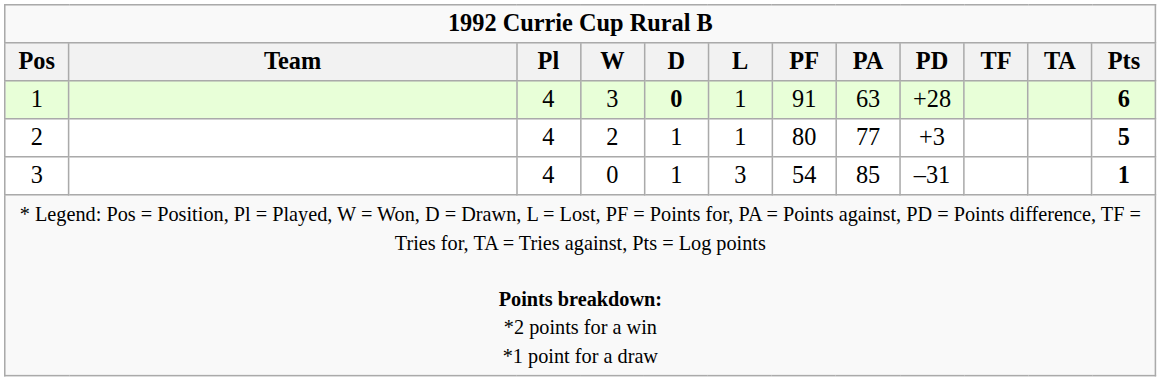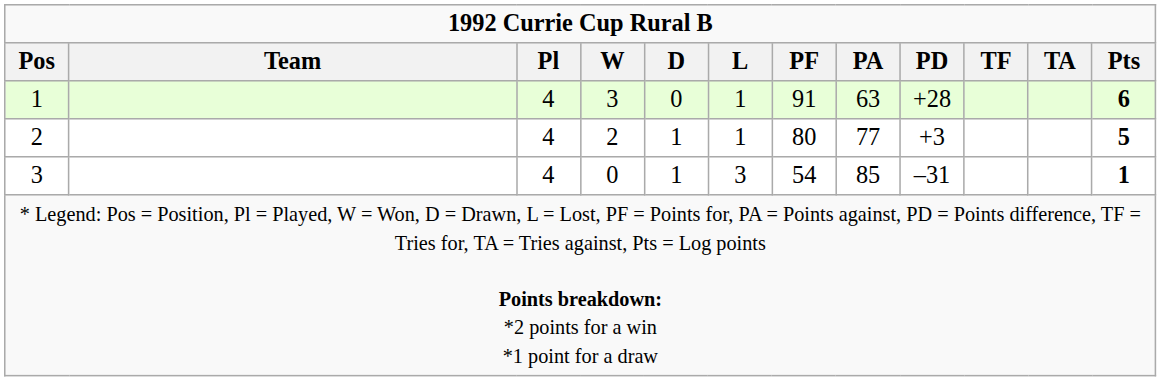 <table class="wikitable" style="text-align:center; line-height:110%; font-size:100%; width:60%;">
 <tr>
 <td colspan="12" cellpadding="0" cellspacing="0"><strong>1992 Currie Cup Rural B</strong></td>
 </tr>
 <tr>
 <th style="width:5%;">Pos</th>
 <th style="width:35%;">Team</th>
 <th style="width:5%;">Pl</th>
 <th style="width:5%;">W</th>
 <th style="width:5%;">D</th>
 <th style="width:5%;">L</th>
 <th style="width:5%;">PF</th>
 <th style="width:5%;">PA</th>
 <th style="width:5%;">PD</th>
 <th style="width:5%;">TF</th>
 <th style="width:5%;">TA</th>
 <th style="width:5%;">Pts<br></th>
 </tr>
 <tr bgcolor=#E8FFD8 align=center>
 <td>1</td>
 <td align=left></td>
 <td>4</td>
 <td>3</td>
-<td><strong>0</strong></td>
+<td>0</td>
 <td>1</td>
 <td>91</td>
 <td>63</td>
 <td>+28</td>
 <td></td>
 <td></td>
 <td><strong>6</strong></td>
 </tr>
 <tr bgcolor=#FFFFFF align=center>
 <td>2</td>
 <td align=left></td>
 <td>4</td>
 <td>2</td>
 <td>1</td>
 <td>1</td>
 <td>80</td>
 <td>77</td>
 <td>+3</td>
 <td></td>
 <td></td>
 <td><strong>5</strong></td>
 </tr>
 <tr bgcolor=#FFFFFF align=center>
 <td>3</td>
 <td align=left></td>
 <td>4</td>
 <td>0</td>
 <td>1</td>
 <td>3</td>
 <td>54</td>
 <td>85</td>
 <td>–31</td>
 <td></td>
 <td></td>
 <td><strong>1</strong></td>
 </tr>
 <tr>
 <td colspan="12" style="border:0px"><small>* Legend: Pos = Position, Pl = Played, W = Won, D = Drawn, L = Lost, PF = Points for, PA = Points against, PD = Points difference, TF = Tries for, TA = Tries against, Pts = Log points<br><br><strong>Points breakdown:</strong><br>*2 points for a win<br>*1 point for a draw</small></td>
 </tr>
 </table>
